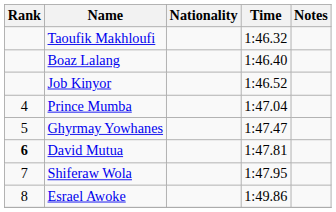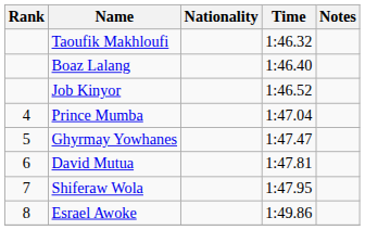 <table class="wikitable sortable" style="text-align:center">
 <tr>
 <th>Rank</th>
 <th>Name</th>
 <th>Nationality</th>
 <th>Time</th>
 <th>Notes</th>
 </tr>
 <tr>
 <td></td>
 <td align=left><a href='#'>Taoufik Makhloufi</a></td>
 <td align=left></td>
 <td>1:46.32</td>
 <td></td>
 </tr>
 <tr>
 <td></td>
 <td align=left><a href='#'>Boaz Lalang</a></td>
 <td align=left></td>
 <td>1:46.40</td>
 <td></td>
 </tr>
 <tr>
 <td></td>
 <td align=left><a href='#'>Job Kinyor</a></td>
 <td align=left></td>
 <td>1:46.52</td>
 <td></td>
 </tr>
 <tr>
 <td>4</td>
 <td align=left><a href='#'>Prince Mumba</a></td>
 <td align=left></td>
 <td>1:47.04</td>
 <td></td>
 </tr>
 <tr>
 <td>5</td>
 <td align=left><a href='#'>Ghyrmay Yowhanes</a></td>
 <td align=left></td>
 <td>1:47.47</td>
 <td></td>
 </tr>
 <tr>
-<td><strong>6</strong></td>
+<td>6</td>
 <td align=left><a href='#'>David Mutua</a></td>
 <td align=left></td>
 <td>1:47.81</td>
 <td></td>
 </tr>
 <tr>
 <td>7</td>
 <td align=left><a href='#'>Shiferaw Wola</a></td>
 <td align=left></td>
 <td>1:47.95</td>
 <td></td>
 </tr>
 <tr>
 <td>8</td>
 <td align=left><a href='#'>Esrael Awoke</a></td>
 <td align=left></td>
 <td>1:49.86</td>
 <td></td>
 </tr>
 <tr>
 </tr>
 </table>
